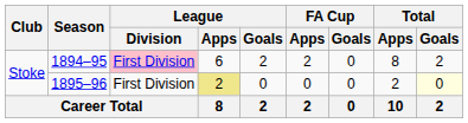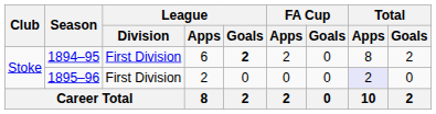 <table class="wikitable" style="text-align: center;">
 <tr>
 <th rowspan="2">Club</th>
 <th rowspan="2">Season</th>
 <th colspan="3">League</th>
 <th colspan="2">FA Cup</th>
 <th colspan="2">Total</th>
 </tr>
 <tr>
 <th>Division</th>
 <th>Apps</th>
 <th>Goals</th>
 <th>Apps</th>
 <th>Goals</th>
 <th>Apps</th>
 <th>Goals</th>
 </tr>
 <tr>
 <td rowspan="2"><a href='#'>Stoke</a></td>
 <td><a href='#'>1894–95</a></td>
-<td style="background: pink;"><a href='#'>First Division</a></td>
+<td><a href='#'>First Division</a></td>
 <td>6</td>
-<td>2</td>
+<td><strong>2</strong></td>
 <td>2</td>
 <td>0</td>
 <td>8</td>
 <td>2</td>
 </tr>
 <tr>
 <td><a href='#'>1895–96</a></td>
 <td>First Division</td>
-<td style="background: khaki;">2</td>
+<td>2</td>
 <td>0</td>
 <td>0</td>
 <td>0</td>
-<td>2</td>
-<td style="background: lightyellow;">0</td>
+<td style="background: lavender;">2</td>
+<td>0</td>
 </tr>
 <tr>
 <th colspan="3">Career Total</th>
 <th>8</th>
 <th>2</th>
 <th>2</th>
 <th>0</th>
 <th>10</th>
 <th>2</th>
 </tr>
 </table>
